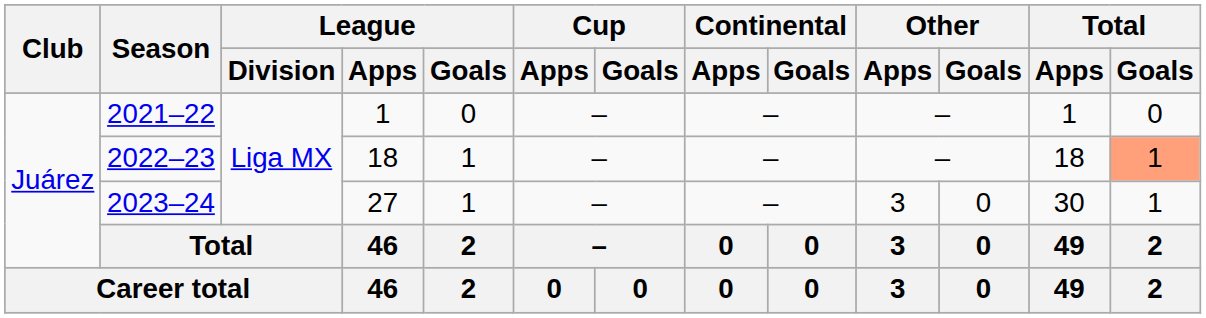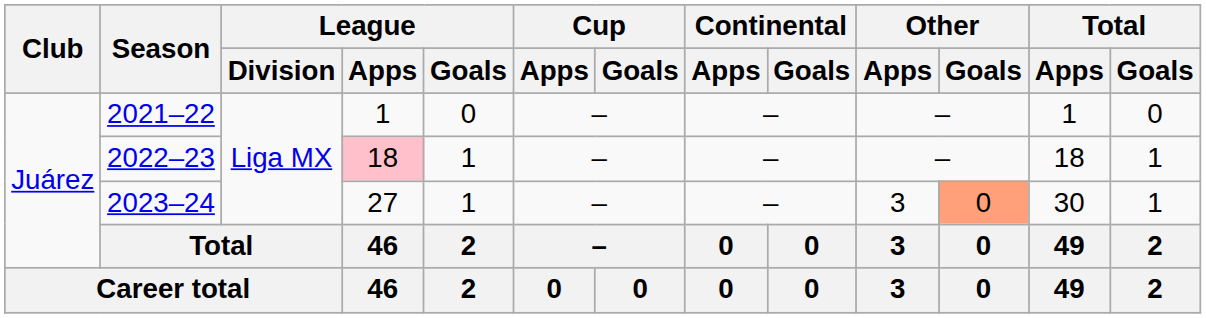 <table class="wikitable" style="text-align: center">
 <tr>
 <th rowspan="2">Club</th>
 <th rowspan="2">Season</th>
 <th colspan="3">League</th>
 <th colspan="2">Cup</th>
 <th colspan="2">Continental</th>
 <th colspan="2">Other</th>
 <th colspan="2">Total</th>
 </tr>
 <tr>
 <th>Division</th>
 <th>Apps</th>
 <th>Goals</th>
 <th>Apps</th>
 <th>Goals</th>
 <th>Apps</th>
 <th>Goals</th>
 <th>Apps</th>
 <th>Goals</th>
 <th>Apps</th>
 <th>Goals</th>
 </tr>
 <tr>
 <td rowspan="4"><a href='#'>Juárez</a></td>
 <td><a href='#'>2021–22</a></td>
 <td rowspan="3"><a href='#'>Liga MX</a></td>
 <td>1</td>
 <td>0</td>
 <td colspan="2">–</td>
 <td colspan="2">–</td>
 <td colspan="2">–</td>
 <td>1</td>
 <td>0</td>
 </tr>
 <tr>
 <td><a href='#'>2022–23</a></td>
-<td>18</td>
+<td style="background: pink;">18</td>
 <td>1</td>
 <td colspan="2">–</td>
 <td colspan="2">–</td>
 <td colspan="2">–</td>
 <td>18</td>
-<td style="background: lightsalmon;">1</td>
+<td>1</td>
 </tr>
 <tr>
 <td><a href='#'>2023–24</a></td>
 <td>27</td>
 <td>1</td>
 <td colspan="2">–</td>
 <td colspan="2">–</td>
 <td>3</td>
-<td>0</td>
+<td style="background: lightsalmon;">0</td>
 <td>30</td>
 <td>1</td>
 </tr>
 <tr>
 <th colspan="2"><strong>Total</strong></th>
 <th>46</th>
 <th>2</th>
 <th colspan="2">–</th>
 <th>0</th>
 <th>0</th>
 <th>3</th>
 <th>0</th>
 <th>49</th>
 <th>2</th>
 </tr>
 <tr>
 <th colspan="3"><strong>Career total</strong></th>
 <th>46</th>
 <th>2</th>
 <th>0</th>
 <th>0</th>
 <th>0</th>
 <th>0</th>
 <th>3</th>
 <th>0</th>
 <th>49</th>
 <th>2</th>
 </tr>
 </table>
